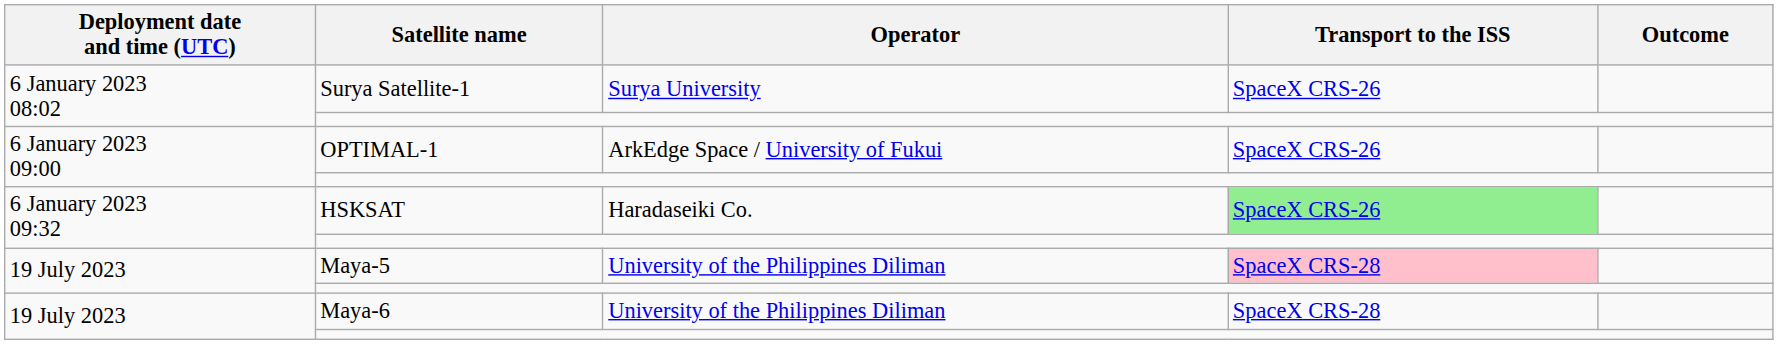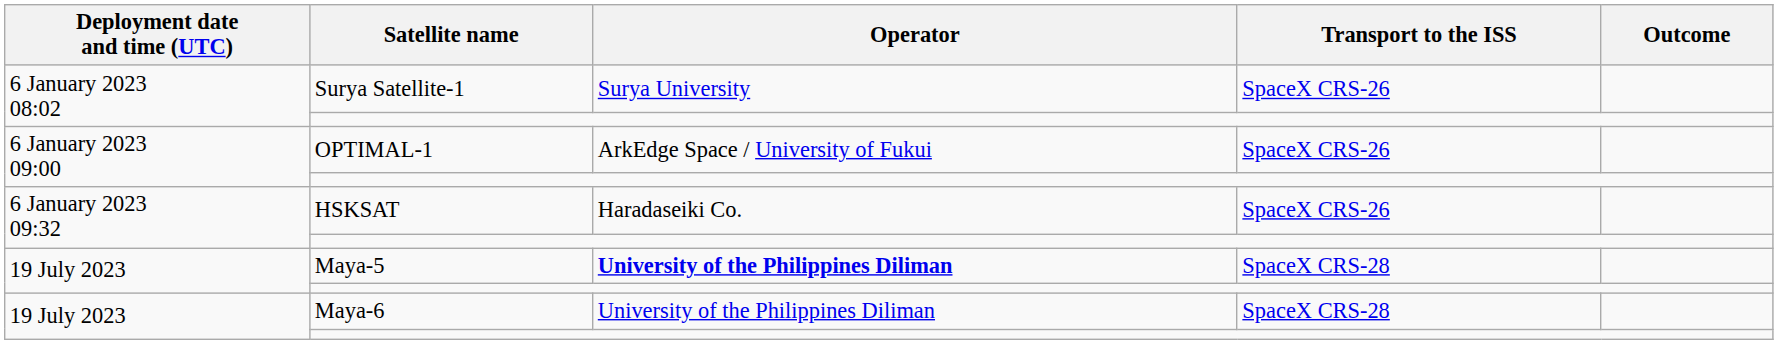 <table class="wikitable" style="width: 100%;">
 <tr>
 <th scope="col">Deployment date<br>and time (<a href='#'>UTC</a>)</th>
 <th scope="col">Satellite name</th>
 <th scope="col">Operator</th>
 <th scope="col">Transport to the ISS</th>
 <th scope="col">Outcome</th>
 </tr>
 <tr>
 <td rowspan=2>6 January 2023 <br> 08:02</td>
 <td> Surya Satellite-1</td>
 <td><a href='#'>Surya University</a></td>
 <td><a href='#'>SpaceX CRS-26</a></td>
 <td></td>
 </tr>
 <tr>
 <td colspan=4></td>
 </tr>
 <tr>
 <td rowspan=2>6 January 2023 <br> 09:00</td>
 <td> OPTIMAL-1</td>
 <td>ArkEdge Space / <a href='#'>University of Fukui</a></td>
 <td><a href='#'>SpaceX CRS-26</a></td>
 <td></td>
 </tr>
 <tr>
 <td colspan=4></td>
 </tr>
 <tr>
 <td rowspan=2>6 January 2023 <br> 09:32</td>
 <td> HSKSAT</td>
 <td>Haradaseiki Co.</td>
-<td style="background: lightgreen;"><a href='#'>SpaceX CRS-26</a></td>
+<td><a href='#'>SpaceX CRS-26</a></td>
 <td></td>
 </tr>
 <tr>
 <td colspan=4></td>
 </tr>
 <tr>
 <td rowspan=2>19 July 2023</td>
 <td> Maya-5</td>
-<td><a href='#'>University of the Philippines Diliman</a></td>
-<td style="background: pink;"><a href='#'>SpaceX CRS-28</a></td>
+<td><strong><a href='#'>University of the Philippines Diliman</a></strong></td>
+<td><a href='#'>SpaceX CRS-28</a></td>
 <td></td>
 </tr>
 <tr>
 <td colspan=4></td>
 </tr>
 <tr>
 <td rowspan=2>19 July 2023</td>
 <td> Maya-6</td>
 <td><a href='#'>University of the Philippines Diliman</a></td>
 <td><a href='#'>SpaceX CRS-28</a></td>
 <td></td>
 </tr>
 <tr>
 <td colspan=4></td>
 </tr>
 </table>
